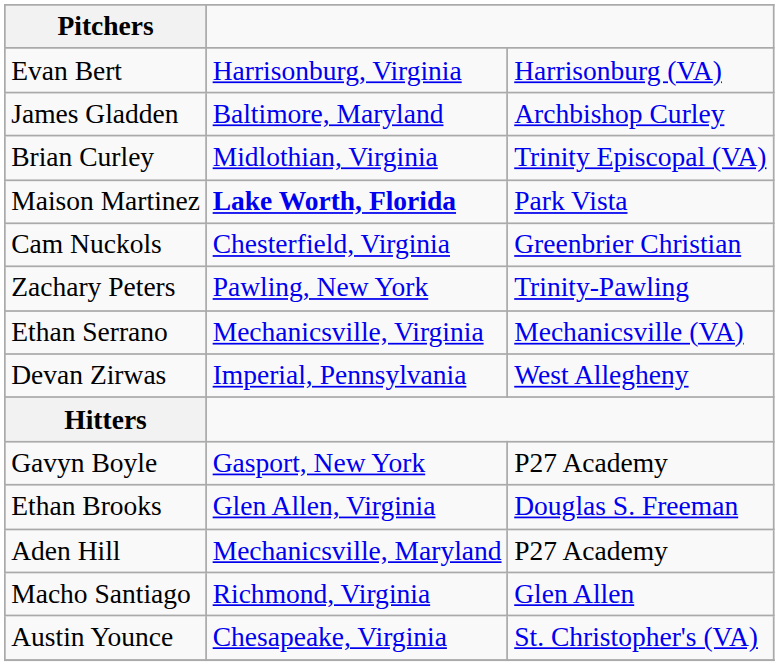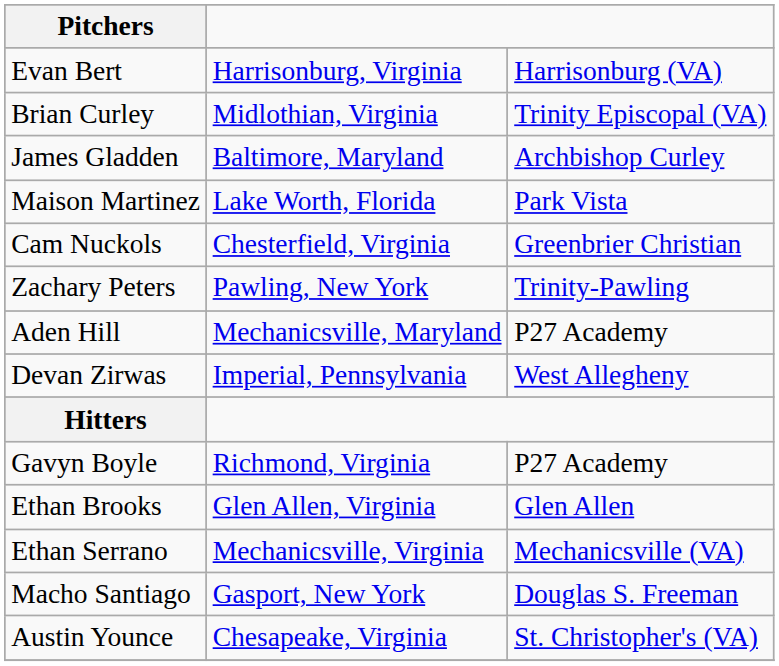 <table class="wikitable">
 <tr>
 <th>Pitchers</th>
 </tr>
 <tr>
 <td>Evan Bert</td>
 <td><a href='#'>Harrisonburg, Virginia</a></td>
 <td><a href='#'>Harrisonburg (VA)</a></td>
 </tr>
 <tr>
+<td>Brian Curley</td>
+<td><a href='#'>Midlothian, Virginia</a></td>
+<td><a href='#'>Trinity Episcopal (VA)</a></td>
+</tr>
+<tr>
 <td>James Gladden</td>
 <td><a href='#'>Baltimore, Maryland</a></td>
 <td><a href='#'>Archbishop Curley</a></td>
 </tr>
 <tr>
-<td>Brian Curley</td>
-<td><a href='#'>Midlothian, Virginia</a></td>
-<td><a href='#'>Trinity Episcopal (VA)</a></td>
-</tr>
-<tr>
 <td>Maison Martinez</td>
-<td><strong><a href='#'>Lake Worth, Florida</a></strong></td>
+<td><a href='#'>Lake Worth, Florida</a></td>
 <td><a href='#'>Park Vista</a></td>
 </tr>
 <tr>
 <td>Cam Nuckols</td>
 <td><a href='#'>Chesterfield, Virginia</a></td>
 <td><a href='#'>Greenbrier Christian</a></td>
 </tr>
 <tr>
 <td>Zachary Peters</td>
 <td><a href='#'>Pawling, New York</a></td>
 <td><a href='#'>Trinity-Pawling</a></td>
 </tr>
 <tr>
-<td>Ethan Serrano</td>
-<td><a href='#'>Mechanicsville, Virginia</a></td>
-<td><a href='#'>Mechanicsville (VA)</a></td>
+<td>Aden Hill</td>
+<td><a href='#'>Mechanicsville, Maryland</a></td>
+<td>P27 Academy</td>
 </tr>
 <tr>
 <td>Devan Zirwas</td>
 <td><a href='#'>Imperial, Pennsylvania</a></td>
 <td><a href='#'>West Allegheny</a></td>
 </tr>
 <tr>
 <th>Hitters</th>
 </tr>
 <tr>
 <td>Gavyn Boyle</td>
-<td><a href='#'>Gasport, New York</a></td>
+<td><a href='#'>Richmond, Virginia</a></td>
 <td>P27 Academy</td>
 </tr>
 <tr>
 <td>Ethan Brooks</td>
 <td><a href='#'>Glen Allen, Virginia</a></td>
-<td><a href='#'>Douglas S. Freeman</a></td>
+<td><a href='#'>Glen Allen</a></td>
 </tr>
 <tr>
-<td>Aden Hill</td>
-<td><a href='#'>Mechanicsville, Maryland</a></td>
-<td>P27 Academy</td>
+<td>Ethan Serrano</td>
+<td><a href='#'>Mechanicsville, Virginia</a></td>
+<td><a href='#'>Mechanicsville (VA)</a></td>
 </tr>
 <tr>
 <td>Macho Santiago</td>
-<td><a href='#'>Richmond, Virginia</a></td>
-<td><a href='#'>Glen Allen</a></td>
+<td><a href='#'>Gasport, New York</a></td>
+<td><a href='#'>Douglas S. Freeman</a></td>
 </tr>
 <tr>
 <td>Austin Younce</td>
 <td><a href='#'>Chesapeake, Virginia</a></td>
 <td><a href='#'>St. Christopher's (VA)</a></td>
 </tr>
 <tr>
 </tr>
 </table>
